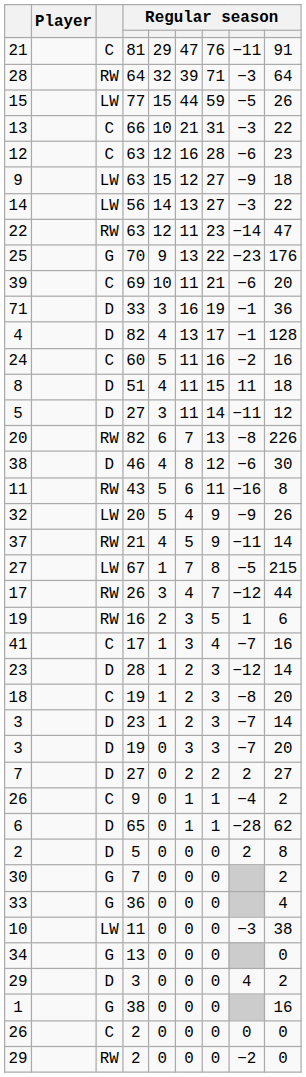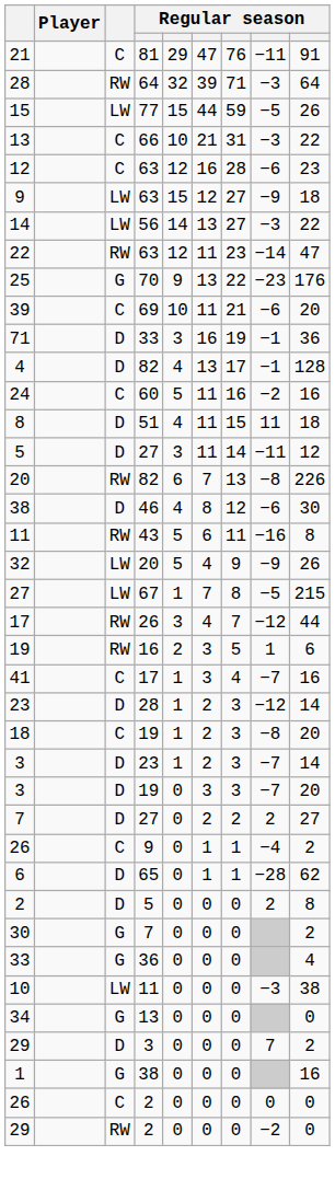 <table class="wikitable sortable plainrowheaders" style="text-align:center;">
 <tr>
 <th scope="col" data-sort-type="number" rowspan="2"></th>
 <th scope="col" rowspan="2">Player</th>
 <th scope="col" rowspan="2"></th>
 <th scope=colgroup colspan=6>Regular season</th>
 </tr>
 <tr>
 <th scope="col" data-sort-type="number"></th>
 <th scope="col" data-sort-type="number"></th>
 <th scope="col" data-sort-type="number"></th>
 <th scope="col" data-sort-type="number"></th>
 <th scope="col" data-sort-type="number"></th>
 <th scope="col" data-sort-type="number"></th>
 </tr>
 <tr>
 <td scope="row">21</td>
 <td align="left"></td>
 <td>C</td>
 <td>81</td>
 <td>29</td>
 <td>47</td>
 <td>76</td>
 <td>−11</td>
 <td>91</td>
 </tr>
 <tr>
 <td scope="row">28</td>
 <td align="left"></td>
 <td>RW</td>
 <td>64</td>
 <td>32</td>
 <td>39</td>
 <td>71</td>
 <td>−3</td>
 <td>64</td>
 </tr>
 <tr>
 <td scope="row">15</td>
 <td align="left"></td>
 <td>LW</td>
 <td>77</td>
 <td>15</td>
 <td>44</td>
 <td>59</td>
 <td>−5</td>
 <td>26</td>
 </tr>
 <tr>
 <td scope="row">13</td>
 <td align="left"></td>
 <td>C</td>
 <td>66</td>
 <td>10</td>
 <td>21</td>
 <td>31</td>
 <td>−3</td>
 <td>22</td>
 </tr>
 <tr>
 <td scope="row">12</td>
 <td align="left"></td>
 <td>C</td>
 <td>63</td>
 <td>12</td>
 <td>16</td>
 <td>28</td>
 <td>−6</td>
 <td>23</td>
 </tr>
 <tr>
 <td scope="row">9</td>
 <td align="left"></td>
 <td>LW</td>
 <td>63</td>
 <td>15</td>
 <td>12</td>
 <td>27</td>
 <td>−9</td>
 <td>18</td>
 </tr>
 <tr>
 <td scope="row">14</td>
 <td align="left"></td>
 <td>LW</td>
 <td>56</td>
 <td>14</td>
 <td>13</td>
 <td>27</td>
 <td>−3</td>
 <td>22</td>
 </tr>
 <tr>
 <td scope="row">22</td>
 <td align="left"></td>
 <td>RW</td>
 <td>63</td>
 <td>12</td>
 <td>11</td>
 <td>23</td>
 <td>−14</td>
 <td>47</td>
 </tr>
 <tr>
 <td scope="row">25</td>
 <td align="left"></td>
 <td>G</td>
 <td>70</td>
 <td>9</td>
 <td>13</td>
 <td>22</td>
 <td>−23</td>
 <td>176</td>
 </tr>
 <tr>
 <td scope="row">39</td>
 <td align="left"></td>
 <td>C</td>
 <td>69</td>
 <td>10</td>
 <td>11</td>
 <td>21</td>
 <td>−6</td>
 <td>20</td>
 </tr>
 <tr>
 <td scope="row">71</td>
 <td align="left"></td>
 <td>D</td>
 <td>33</td>
 <td>3</td>
 <td>16</td>
 <td>19</td>
 <td>−1</td>
 <td>36</td>
 </tr>
 <tr>
 <td scope="row">4</td>
 <td align="left"></td>
 <td>D</td>
 <td>82</td>
 <td>4</td>
 <td>13</td>
 <td>17</td>
 <td>−1</td>
 <td>128</td>
 </tr>
 <tr>
 <td scope="row">24</td>
 <td align="left"></td>
 <td>C</td>
 <td>60</td>
 <td>5</td>
 <td>11</td>
 <td>16</td>
 <td>−2</td>
 <td>16</td>
 </tr>
 <tr>
 <td scope="row">8</td>
 <td align="left"></td>
 <td>D</td>
 <td>51</td>
 <td>4</td>
 <td>11</td>
 <td>15</td>
 <td>11</td>
 <td>18</td>
 </tr>
 <tr>
 <td scope="row">5</td>
 <td align="left"></td>
 <td>D</td>
 <td>27</td>
 <td>3</td>
 <td>11</td>
 <td>14</td>
 <td>−11</td>
 <td>12</td>
 </tr>
 <tr>
 <td scope="row">20</td>
 <td align="left"></td>
 <td>RW</td>
 <td>82</td>
 <td>6</td>
 <td>7</td>
 <td>13</td>
 <td>−8</td>
 <td>226</td>
 </tr>
 <tr>
 <td scope="row">38</td>
 <td align="left"></td>
 <td>D</td>
 <td>46</td>
 <td>4</td>
 <td>8</td>
 <td>12</td>
 <td>−6</td>
 <td>30</td>
 </tr>
 <tr>
 <td scope="row">11</td>
 <td align="left"></td>
 <td>RW</td>
 <td>43</td>
 <td>5</td>
 <td>6</td>
 <td>11</td>
 <td>−16</td>
 <td>8</td>
 </tr>
 <tr>
 <td scope="row">32</td>
 <td align="left"></td>
 <td>LW</td>
 <td>20</td>
 <td>5</td>
 <td>4</td>
 <td>9</td>
 <td>−9</td>
 <td>26</td>
 </tr>
 <tr>
-<td scope="row">37</td>
-<td align="left"></td>
-<td>RW</td>
-<td>21</td>
-<td>4</td>
-<td>5</td>
-<td>9</td>
-<td>−11</td>
-<td>14</td>
-</tr>
-<tr>
 <td scope="row">27</td>
 <td align="left"></td>
 <td>LW</td>
 <td>67</td>
 <td>1</td>
 <td>7</td>
 <td>8</td>
 <td>−5</td>
 <td>215</td>
 </tr>
 <tr>
 <td scope="row">17</td>
 <td align="left"></td>
 <td>RW</td>
 <td>26</td>
 <td>3</td>
 <td>4</td>
 <td>7</td>
 <td>−12</td>
 <td>44</td>
 </tr>
 <tr>
 <td scope="row">19</td>
 <td align="left"></td>
 <td>RW</td>
 <td>16</td>
 <td>2</td>
 <td>3</td>
 <td>5</td>
 <td>1</td>
 <td>6</td>
 </tr>
 <tr>
 <td scope="row">41</td>
 <td align="left"></td>
 <td>C</td>
 <td>17</td>
 <td>1</td>
 <td>3</td>
 <td>4</td>
 <td>−7</td>
 <td>16</td>
 </tr>
 <tr>
 <td scope="row">23</td>
 <td align="left"></td>
 <td>D</td>
 <td>28</td>
 <td>1</td>
 <td>2</td>
 <td>3</td>
 <td>−12</td>
 <td>14</td>
 </tr>
 <tr>
 <td scope="row">18</td>
 <td align="left"></td>
 <td>C</td>
 <td>19</td>
 <td>1</td>
 <td>2</td>
 <td>3</td>
 <td>−8</td>
 <td>20</td>
 </tr>
 <tr>
 <td scope="row">3</td>
 <td align="left"></td>
 <td>D</td>
 <td>23</td>
 <td>1</td>
 <td>2</td>
 <td>3</td>
 <td>−7</td>
 <td>14</td>
 </tr>
 <tr>
 <td scope="row">3</td>
 <td align="left"></td>
 <td>D</td>
 <td>19</td>
 <td>0</td>
 <td>3</td>
 <td>3</td>
 <td>−7</td>
 <td>20</td>
 </tr>
 <tr>
 <td scope="row">7</td>
 <td align="left"></td>
 <td>D</td>
 <td>27</td>
 <td>0</td>
 <td>2</td>
 <td>2</td>
 <td>2</td>
 <td>27</td>
 </tr>
 <tr>
 <td scope="row">26</td>
 <td align="left"></td>
 <td>C</td>
 <td>9</td>
 <td>0</td>
 <td>1</td>
 <td>1</td>
 <td>−4</td>
 <td>2</td>
 </tr>
 <tr>
 <td scope="row">6</td>
 <td align="left"></td>
 <td>D</td>
 <td>65</td>
 <td>0</td>
 <td>1</td>
 <td>1</td>
 <td>−28</td>
 <td>62</td>
 </tr>
 <tr>
 <td scope="row">2</td>
 <td align="left"></td>
 <td>D</td>
 <td>5</td>
 <td>0</td>
 <td>0</td>
 <td>0</td>
 <td>2</td>
 <td>8</td>
 </tr>
 <tr>
 <td scope="row">30</td>
 <td align="left"></td>
 <td>G</td>
 <td>7</td>
 <td>0</td>
 <td>0</td>
 <td>0</td>
 <td style="background:#ccc"></td>
 <td>2</td>
 </tr>
 <tr>
 <td scope="row">33</td>
 <td align="left"></td>
 <td>G</td>
 <td>36</td>
 <td>0</td>
 <td>0</td>
 <td>0</td>
 <td style="background:#ccc"></td>
 <td>4</td>
 </tr>
 <tr>
 <td scope="row">10</td>
 <td align="left"></td>
 <td>LW</td>
 <td>11</td>
 <td>0</td>
 <td>0</td>
 <td>0</td>
 <td>−3</td>
 <td>38</td>
 </tr>
 <tr>
 <td scope="row">34</td>
 <td align="left"></td>
 <td>G</td>
 <td>13</td>
 <td>0</td>
 <td>0</td>
 <td>0</td>
 <td style="background:#ccc"></td>
 <td>0</td>
 </tr>
 <tr>
 <td scope="row">29</td>
 <td align="left"></td>
 <td>D</td>
 <td>3</td>
 <td>0</td>
 <td>0</td>
 <td>0</td>
-<td>4</td>
+<td>7</td>
 <td>2</td>
 </tr>
 <tr>
 <td scope="row">1</td>
 <td align="left"></td>
 <td>G</td>
 <td>38</td>
 <td>0</td>
 <td>0</td>
 <td>0</td>
 <td style="background:#ccc"></td>
 <td>16</td>
 </tr>
 <tr>
 <td scope="row">26</td>
 <td align="left"></td>
 <td>C</td>
 <td>2</td>
 <td>0</td>
 <td>0</td>
 <td>0</td>
 <td>0</td>
 <td>0</td>
 </tr>
 <tr>
 <td scope="row">29</td>
 <td align="left"></td>
 <td>RW</td>
 <td>2</td>
 <td>0</td>
 <td>0</td>
 <td>0</td>
 <td>−2</td>
 <td>0</td>
 </tr>
 </table>
